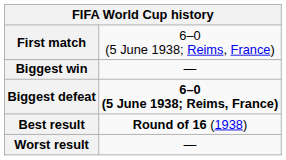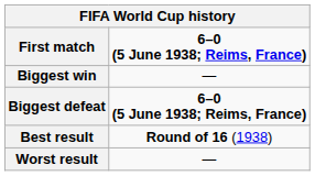 <table class="wikitable collapsible collapsed" style="text-align: center;font-size:90%;">
 <tr>
 <th colspan=6>FIFA World Cup history</th>
 </tr>
 <tr>
 <th style="text-align: center;">First match</th>
-<td style="text-align:center;"> 6–0 <br>(5 June 1938; <a href='#'>Reims</a>, <a href='#'>France</a>)</td>
+<td style="text-align:center;"><strong> 6–0 <br>(5 June 1938; <a href='#'>Reims</a>, <a href='#'>France</a>)</strong></td>
 </tr>
 <tr>
 <th style="text-align: center;">Biggest win</th>
 <td style="text-align:center;">—</td>
 </tr>
 <tr>
 <th style="text-align: center;">Biggest defeat</th>
 <td style="text-align:center;"><strong> 6–0 <br>(5 June 1938; Reims, France)</strong></td>
 </tr>
 <tr>
 <th style="text-align: center;">Best result</th>
 <td style="text-align:center;"><strong>Round of 16</strong> (<a href='#'>1938</a>)</td>
 </tr>
 <tr>
 <th style="text-align: center;">Worst result</th>
 <td style="text-align:center;">—</td>
 </tr>
 </table>
